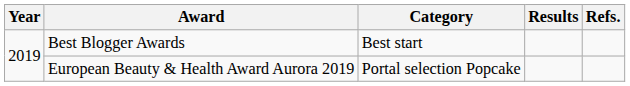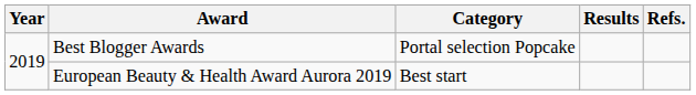 <table class="wikitable">
 <tr>
 <th>Year</th>
 <th>Award</th>
 <th>Category</th>
 <th>Results</th>
 <th>Refs.</th>
 </tr>
 <tr>
 <td rowspan="2" align="center">2019</td>
 <td>Best Blogger Awards</td>
-<td>Best start</td>
+<td>Portal selection Popcake</td>
 <td></td>
 <td></td>
 </tr>
 <tr>
 <td>European Beauty & Health Award Aurora 2019</td>
-<td>Portal selection Popcake</td>
+<td>Best start</td>
 <td></td>
 <td></td>
 </tr>
 </table>
